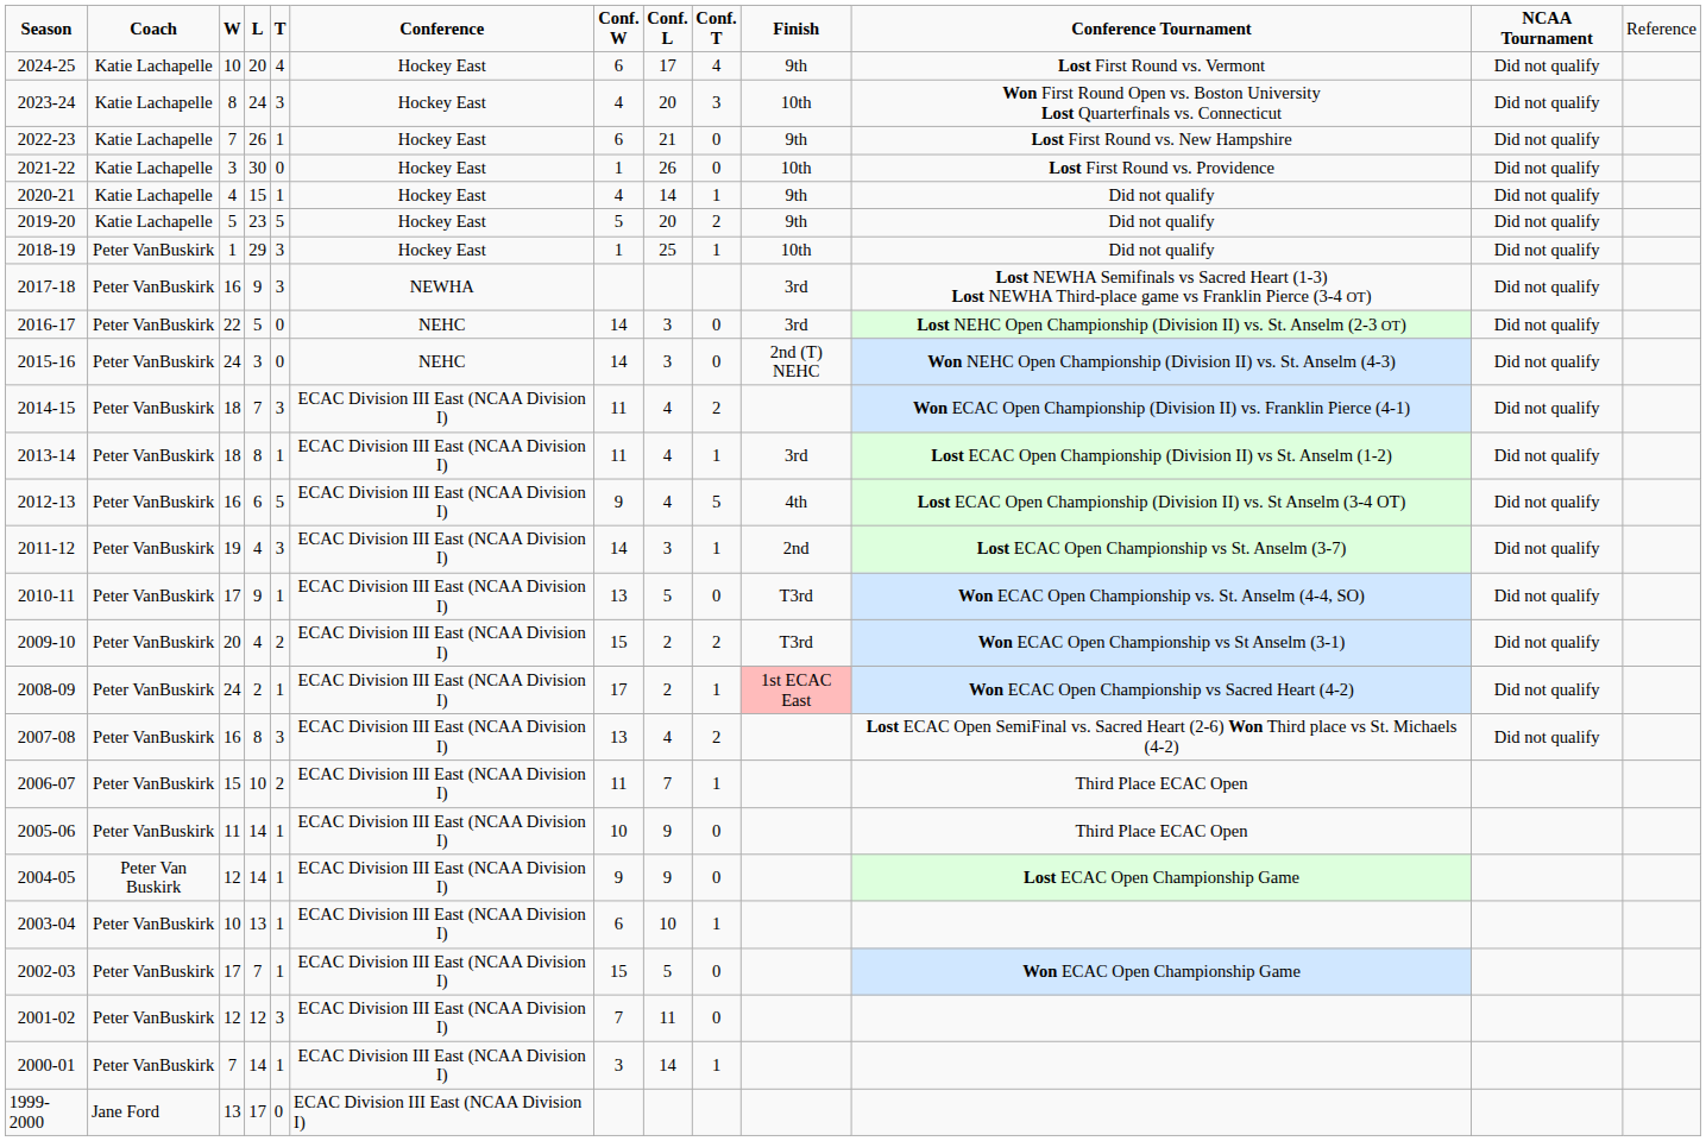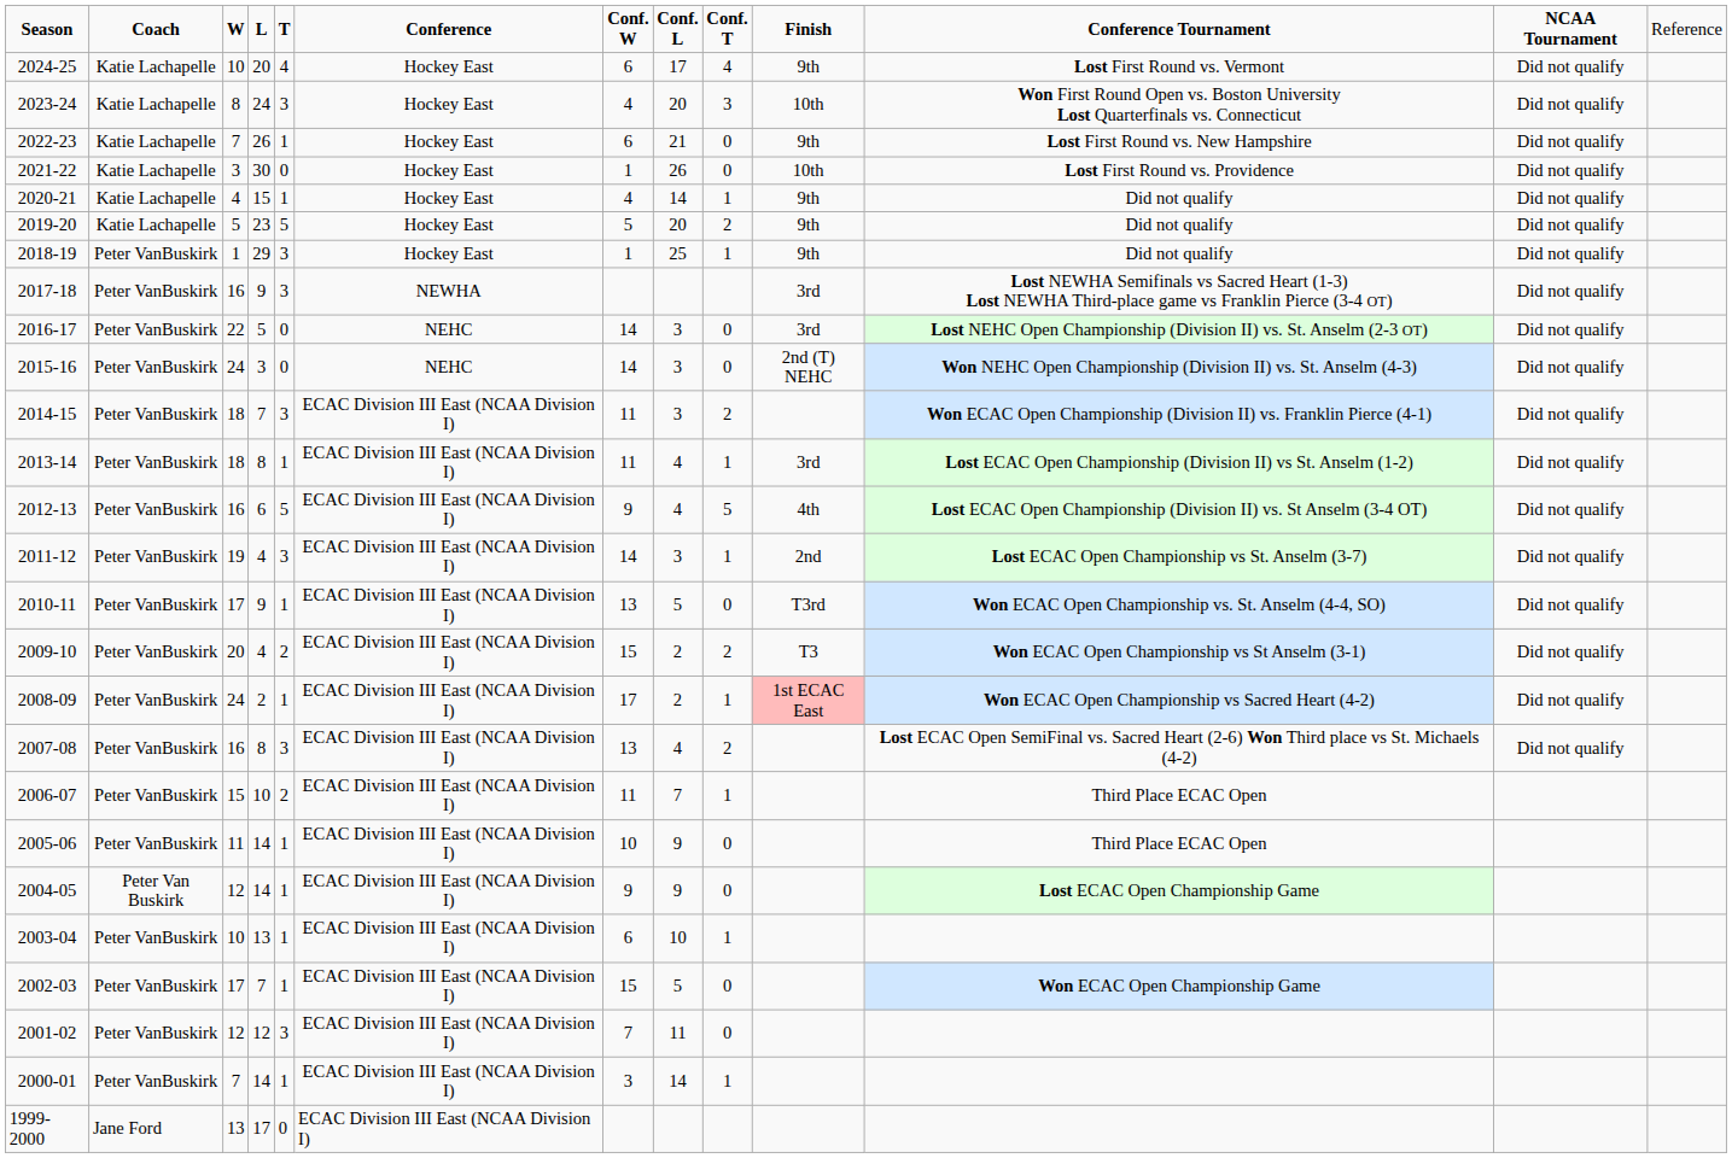 <table class="wikitable">
 <tr align="center" |>
 <td><strong>Season</strong></td>
 <td><strong>Coach</strong></td>
 <td><strong>W</strong></td>
 <td><strong>L</strong></td>
 <td><strong>T</strong></td>
 <td><strong>Conference</strong></td>
 <td><strong>Conf. <br> W</strong></td>
 <td><strong>Conf. <br> L</strong></td>
 <td><strong>Conf. <br> T</strong></td>
 <td><strong>Finish</strong></td>
 <td><strong>Conference Tournament</strong></td>
 <td><strong>NCAA Tournament</strong></td>
 <td>Reference</td>
 </tr>
 <tr align="center" bgcolor="">
 <td>2024-25</td>
 <td>Katie Lachapelle</td>
 <td>10</td>
 <td>20</td>
 <td>4</td>
 <td>Hockey East</td>
 <td>6</td>
 <td>17</td>
 <td>4</td>
 <td>9th</td>
 <td><strong>Lost</strong> First Round vs. Vermont </td>
 <td>Did not qualify</td>
 <td></td>
 </tr>
 <tr align="center" bgcolor="">
 <td>2023-24</td>
 <td>Katie Lachapelle</td>
 <td>8</td>
 <td>24</td>
 <td>3</td>
 <td>Hockey East</td>
 <td>4</td>
 <td>20</td>
 <td>3</td>
 <td>10th</td>
 <td><strong>Won</strong> First Round Open vs. Boston University <br><strong>Lost</strong> Quarterfinals vs. Connecticut </td>
 <td>Did not qualify</td>
 <td></td>
 </tr>
 <tr align="center" bgcolor="">
 <td>2022-23</td>
 <td>Katie Lachapelle</td>
 <td>7</td>
 <td>26</td>
 <td>1</td>
 <td>Hockey East</td>
 <td>6</td>
 <td>21</td>
 <td>0</td>
 <td>9th</td>
 <td><strong>Lost</strong> First Round vs. New Hampshire </td>
 <td>Did not qualify</td>
 <td></td>
 </tr>
 <tr align="center" bgcolor="">
 <td>2021-22</td>
 <td>Katie Lachapelle</td>
 <td>3</td>
 <td>30</td>
 <td>0</td>
 <td>Hockey East</td>
 <td>1</td>
 <td>26</td>
 <td>0</td>
 <td>10th</td>
 <td><strong>Lost</strong> First Round vs. Providence </td>
 <td>Did not qualify</td>
 <td></td>
 </tr>
 <tr align="center" bgcolor=""|- align="center" bgcolor="">
 <td>2020-21</td>
 <td>Katie Lachapelle</td>
 <td>4</td>
 <td>15</td>
 <td>1</td>
 <td>Hockey East</td>
 <td>4</td>
 <td>14</td>
 <td>1</td>
 <td>9th</td>
 <td>Did not qualify</td>
 <td>Did not qualify</td>
 <td></td>
 </tr>
 <tr align="center" bgcolor="">
 <td>2019-20</td>
 <td>Katie Lachapelle</td>
 <td>5</td>
 <td>23</td>
 <td>5</td>
 <td>Hockey East</td>
 <td>5</td>
 <td>20</td>
 <td>2</td>
 <td>9th</td>
 <td>Did not qualify</td>
 <td>Did not qualify</td>
 <td></td>
 </tr>
 <tr align="center" bgcolor="">
 <td>2018-19</td>
 <td>Peter VanBuskirk</td>
 <td>1</td>
 <td>29</td>
 <td>3</td>
 <td>Hockey East</td>
 <td>1</td>
 <td>25</td>
 <td>1</td>
-<td>10th</td>
+<td>9th</td>
 <td>Did not qualify</td>
 <td>Did not qualify</td>
 <td></td>
 </tr>
 <tr align="center" bgcolor="">
 <td>2017-18</td>
 <td>Peter VanBuskirk</td>
 <td>16</td>
 <td>9</td>
 <td>3</td>
 <td>NEWHA</td>
 <td></td>
 <td></td>
 <td></td>
 <td>3rd</td>
 <td><strong>Lost</strong> NEWHA Semifinals vs Sacred Heart (1-3)<br><strong>Lost</strong> NEWHA Third-place game vs Franklin Pierce (3-4 <small>OT</small>)</td>
 <td>Did not qualify</td>
 <td></td>
 </tr>
 <tr align="center" bgcolor="">
 <td>2016-17</td>
 <td>Peter VanBuskirk</td>
 <td>22</td>
 <td>5</td>
 <td>0</td>
 <td>NEHC</td>
 <td>14</td>
 <td>3</td>
 <td>0</td>
 <td>3rd</td>
 <td bgcolor="#ddffdd"><strong>Lost</strong> NEHC Open Championship (Division II) vs. St. Anselm (2-3 <small>OT</small>)</td>
 <td>Did not qualify</td>
 <td></td>
 </tr>
 <tr align="center" bgcolor="">
 <td>2015-16</td>
 <td>Peter VanBuskirk</td>
 <td>24</td>
 <td>3</td>
 <td>0</td>
 <td>NEHC</td>
 <td>14</td>
 <td>3</td>
 <td>0</td>
 <td>2nd (T) NEHC</td>
 <td bgcolor="#d0e7ff"><strong>Won</strong> NEHC Open Championship (Division II) vs. St. Anselm (4-3)</td>
 <td>Did not qualify</td>
 <td></td>
 </tr>
 <tr align="center" bgcolor="">
 <td>2014-15</td>
 <td>Peter VanBuskirk</td>
 <td>18</td>
 <td>7</td>
 <td>3</td>
 <td>ECAC Division III East (NCAA Division I)</td>
 <td>11</td>
-<td>4</td>
+<td>3</td>
 <td>2</td>
 <td></td>
 <td bgcolor="#d0e7ff"><strong>Won</strong> ECAC Open Championship (Division II) vs. Franklin Pierce (4-1)</td>
 <td>Did not qualify</td>
 <td></td>
 </tr>
 <tr align="center" bgcolor="">
 <td>2013-14</td>
 <td>Peter VanBuskirk</td>
 <td>18</td>
 <td>8</td>
 <td>1</td>
 <td>ECAC Division III East (NCAA Division I)</td>
 <td>11</td>
 <td>4</td>
 <td>1</td>
 <td>3rd</td>
 <td bgcolor="#ddffdd"><strong>Lost</strong> ECAC Open Championship (Division II) vs St. Anselm (1-2)</td>
 <td>Did not qualify</td>
 <td></td>
 </tr>
 <tr align="center" bgcolor="">
 <td>2012-13</td>
 <td>Peter VanBuskirk</td>
 <td>16</td>
 <td>6</td>
 <td>5</td>
 <td>ECAC Division III East (NCAA Division I)</td>
 <td>9</td>
 <td>4</td>
 <td>5</td>
 <td>4th</td>
 <td bgcolor="#ddffdd"><strong>Lost</strong> ECAC Open Championship (Division II) vs. St Anselm (3-4 OT)</td>
 <td>Did not qualify</td>
 <td></td>
 </tr>
 <tr align="center" bgcolor="">
 <td>2011-12</td>
 <td>Peter VanBuskirk</td>
 <td>19</td>
 <td>4</td>
 <td>3</td>
 <td>ECAC Division III East (NCAA Division I)</td>
 <td>14</td>
 <td>3</td>
 <td>1</td>
 <td>2nd</td>
 <td bgcolor="#ddffdd"><strong>Lost</strong> ECAC Open Championship vs St. Anselm (3-7)</td>
 <td>Did not qualify</td>
 <td></td>
 </tr>
 <tr align="center" bgcolor="">
 <td>2010-11</td>
 <td>Peter VanBuskirk</td>
 <td>17</td>
 <td>9</td>
 <td>1</td>
 <td>ECAC Division III East (NCAA Division I)</td>
 <td>13</td>
 <td>5</td>
 <td>0</td>
 <td>T3rd</td>
 <td bgcolor="#d0e7ff"><strong>Won</strong> ECAC Open Championship vs. St. Anselm (4-4, SO)</td>
 <td>Did not qualify</td>
 <td></td>
 </tr>
 <tr align="center" bgcolor="">
 <td>2009-10</td>
 <td>Peter VanBuskirk</td>
 <td>20</td>
 <td>4</td>
 <td>2</td>
 <td>ECAC Division III East (NCAA Division I)</td>
 <td>15</td>
 <td>2</td>
 <td>2</td>
-<td>T3rd</td>
+<td>T3</td>
 <td bgcolor="#d0e7ff"><strong>Won</strong> ECAC Open Championship vs St Anselm (3-1)</td>
 <td>Did not qualify</td>
 <td></td>
 </tr>
 <tr align="center" bgcolor="">
 <td>2008-09</td>
 <td>Peter VanBuskirk</td>
 <td>24</td>
 <td>2</td>
 <td>1</td>
 <td>ECAC Division III East (NCAA Division I)</td>
 <td>17</td>
 <td>2</td>
 <td>1</td>
 <td bgcolor="#ffbbbb">1st ECAC East</td>
 <td bgcolor="#d0e7ff"><strong>Won</strong> ECAC Open Championship vs Sacred Heart (4-2)</td>
 <td>Did not qualify</td>
 <td></td>
 </tr>
 <tr align="center" bgcolor="">
 <td>2007-08</td>
 <td>Peter VanBuskirk</td>
 <td>16</td>
 <td>8</td>
 <td>3</td>
 <td>ECAC Division III East (NCAA Division I)</td>
 <td>13</td>
 <td>4</td>
 <td>2</td>
 <td></td>
 <td><strong>Lost</strong> ECAC Open SemiFinal vs. Sacred Heart (2-6) <strong>Won</strong> Third place vs St. Michaels (4-2)</td>
 <td>Did not qualify</td>
 <td></td>
 </tr>
 <tr align="center" bgcolor="">
 <td>2006-07</td>
 <td>Peter VanBuskirk</td>
 <td>15</td>
 <td>10</td>
 <td>2</td>
 <td>ECAC Division III East (NCAA Division I)</td>
 <td>11</td>
 <td>7</td>
 <td>1</td>
 <td></td>
 <td>Third Place ECAC Open</td>
 <td></td>
 <td></td>
 </tr>
 <tr align="center" bgcolor="">
 <td>2005-06</td>
 <td>Peter VanBuskirk</td>
 <td>11</td>
 <td>14</td>
 <td>1</td>
 <td>ECAC Division III East (NCAA Division I)</td>
 <td>10</td>
 <td>9</td>
 <td>0</td>
 <td></td>
 <td>Third Place ECAC Open</td>
 <td></td>
 <td></td>
 </tr>
 <tr align="center" bgcolor="">
 <td>2004-05</td>
 <td>Peter Van Buskirk</td>
 <td>12</td>
 <td>14</td>
 <td>1</td>
 <td>ECAC Division III East (NCAA Division I)</td>
 <td>9</td>
 <td>9</td>
 <td>0</td>
 <td></td>
 <td bgcolor="#ddffdd"><strong>Lost</strong> ECAC Open Championship Game</td>
 <td></td>
 <td></td>
 </tr>
 <tr align="center" bgcolor="">
 <td>2003-04</td>
 <td>Peter VanBuskirk</td>
 <td>10</td>
 <td>13</td>
 <td>1</td>
 <td>ECAC Division III East (NCAA Division I)</td>
 <td>6</td>
 <td>10</td>
 <td>1</td>
 <td></td>
 <td></td>
 <td></td>
 <td></td>
 </tr>
 <tr align="center" bgcolor="">
 <td>2002-03</td>
 <td>Peter VanBuskirk</td>
 <td>17</td>
 <td>7</td>
 <td>1</td>
 <td>ECAC Division III East (NCAA Division I)</td>
 <td>15</td>
 <td>5</td>
 <td>0</td>
 <td></td>
 <td bgcolor="#d0e7ff"><strong>Won</strong> ECAC Open Championship Game</td>
 <td></td>
 <td></td>
 </tr>
 <tr align="center" bgcolor="">
 <td>2001-02</td>
 <td>Peter VanBuskirk</td>
 <td>12</td>
 <td>12</td>
 <td>3</td>
 <td>ECAC Division III East (NCAA Division I)</td>
 <td>7</td>
 <td>11</td>
 <td>0</td>
 <td></td>
 <td></td>
 <td></td>
 <td></td>
 </tr>
 <tr align="center" bgcolor="">
 <td>2000-01</td>
 <td>Peter VanBuskirk</td>
 <td>7</td>
 <td>14</td>
 <td>1</td>
 <td>ECAC Division III East (NCAA Division I)</td>
 <td>3</td>
 <td>14</td>
 <td>1</td>
 <td></td>
 <td></td>
 <td></td>
 <td></td>
 </tr>
 <tr>
 <td>1999-2000</td>
 <td>Jane Ford</td>
 <td>13</td>
 <td>17</td>
 <td>0</td>
 <td>ECAC Division III East (NCAA Division I)</td>
 <td></td>
 <td></td>
 <td></td>
 <td></td>
 <td></td>
 <td></td>
 <td></td>
 </tr>
 </table>
